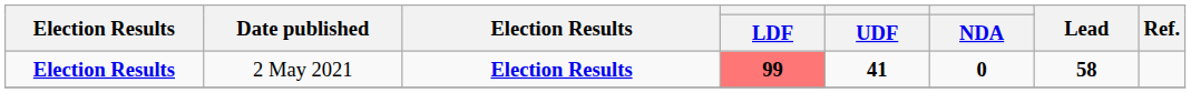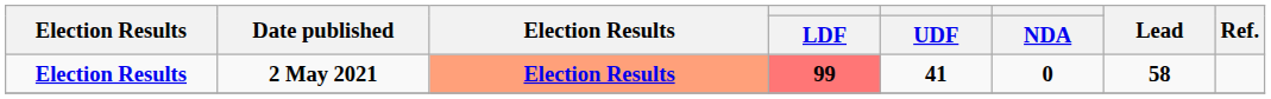 <table class="wikitable" style="text-align:center; font-size:95%; line-height:20px">
 <tr>
 <th rowspan="2" width="150px">Election Results</th>
 <th rowspan="2" width="150px">Date published</th>
 <th rowspan="2" width="250px">Election Results</th>
 <th style="background:"></th>
 <th style="background:"></th>
 <th style="background:"></th>
 <th rowspan="2" width="75px">Lead</th>
 <th rowspan="2">Ref.</th>
 </tr>
 <tr>
 <th style="width:75px;"><a href='#'>LDF</a></th>
 <th style="width:75px;"><a href='#'>UDF</a></th>
 <th style="width:75px;"><a href='#'>NDA</a></th>
 </tr>
 <tr>
 <td><strong><a href='#'>Election Results</a></strong></td>
-<td>2 May 2021</td>
-<td><strong><a href='#'>Election Results</a></strong></td>
+<td><strong>2 May 2021</strong></td>
+<td style="background: lightsalmon;"><strong><a href='#'>Election Results</a></strong></td>
 <td style="background:#FF7676;"><strong>99</strong></td>
 <td><strong>41</strong></td>
 <td><strong>0</strong></td>
 <td style="background:"><strong>58</strong></td>
 <td></td>
 </tr>
 <tr>
 </tr>
 </table>
